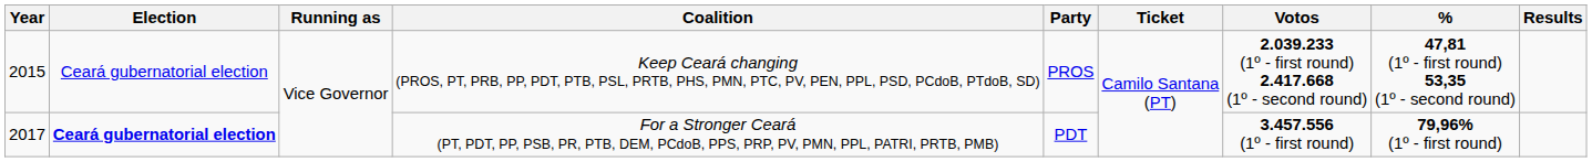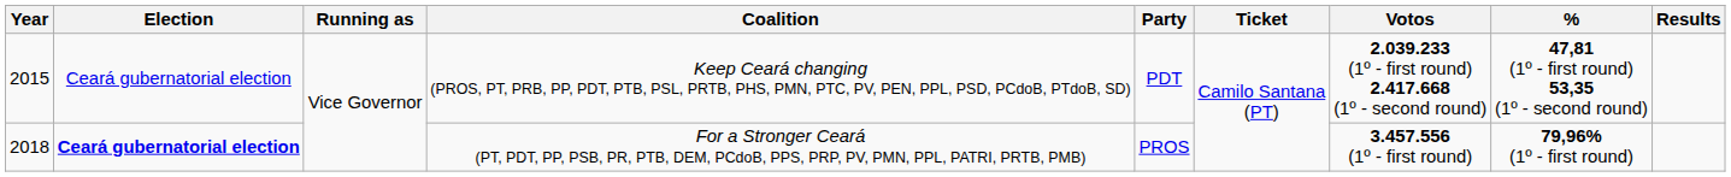 <table class="wikitable" style="text-align:center">
 <tr>
 <th>Year</th>
 <th>Election</th>
 <th>Running as</th>
 <th>Coalition</th>
 <th>Party</th>
 <th>Ticket</th>
 <th>Votos</th>
 <th><strong>%</strong></th>
 <th>Results</th>
 </tr>
 <tr>
 <td>2015</td>
 <td><a href='#'>Ceará gubernatorial election</a></td>
 <td rowspan="2">Vice Governor</td>
 <td><em>Keep Ceará changing</em><br><small>(PROS, PT, PRB, PP, PDT, PTB, PSL, PRTB, PHS, PMN, PTC, PV, PEN, PPL, PSD, PCdoB, PTdoB, SD)</small></td>
-<td><a href='#'>PROS</a></td>
+<td><a href='#'>PDT</a></td>
 <td rowspan="2"><a href='#'>Camilo Santana</a><br>(<a href='#'>PT</a>)</td>
 <td><strong>2.039.233</strong><br>(1º - first round)<br><strong>2.417.668</strong><br>(1º - second round)</td>
 <td><strong>47,81</strong><br>(1º - first round)<br><strong>53,35</strong><br>(1º - second round)</td>
 <td></td>
 </tr>
 <tr>
-<td>2017</td>
+<td>2018</td>
 <td><strong><a href='#'>Ceará gubernatorial election</a></strong></td>
 <td><em>For a Stronger Ceará</em><br><small>(PT, PDT, PP, PSB, PR, PTB, DEM, PCdoB, PPS, PRP, PV, PMN, PPL, PATRI, PRTB, PMB)</small></td>
-<td><a href='#'>PDT</a></td>
+<td><a href='#'>PROS</a></td>
 <td><strong>3.457.556</strong><br>(1º - first round)</td>
 <td><strong>79,96%</strong><br>(1º - first round)</td>
 <td></td>
 </tr>
 </table>
